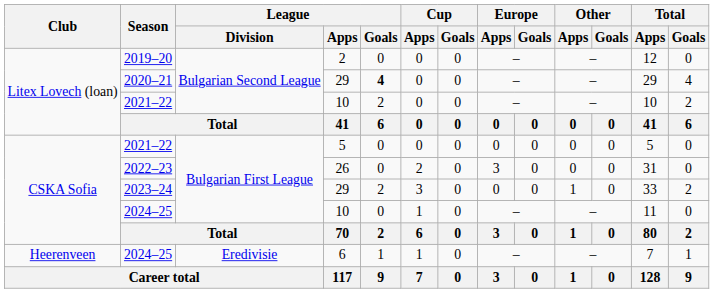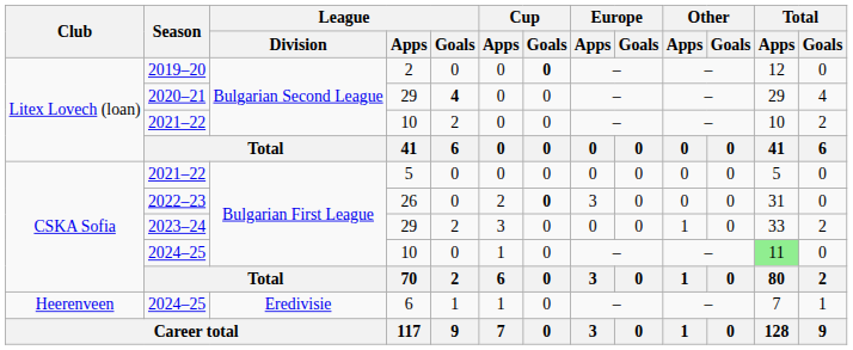 <table class="wikitable" style="text-align:center">
 <tr>
 <th rowspan="2">Club</th>
 <th rowspan="2">Season</th>
 <th colspan="3">League</th>
 <th colspan="2">Cup</th>
 <th colspan="2">Europe</th>
 <th colspan="2">Other</th>
 <th colspan="2">Total</th>
 </tr>
 <tr>
 <th>Division</th>
 <th width="15">Apps</th>
 <th width="15">Goals</th>
 <th width="15">Apps</th>
 <th width="15">Goals</th>
 <th width="15">Apps</th>
 <th width="15">Goals</th>
 <th width="15">Apps</th>
 <th width="15">Goals</th>
 <th width="15">Apps</th>
 <th width="15">Goals</th>
 </tr>
 <tr>
 <td rowspan="4"><a href='#'>Litex Lovech</a> (loan)</td>
 <td><a href='#'>2019–20</a></td>
 <td rowspan="3"><a href='#'>Bulgarian Second League</a></td>
 <td>2</td>
 <td>0</td>
 <td>0</td>
-<td>0</td>
+<td><strong>0</strong></td>
 <td colspan="2">–</td>
 <td colspan="2">–</td>
 <td>12</td>
 <td>0</td>
 </tr>
 <tr>
 <td><a href='#'>2020–21</a></td>
 <td>29</td>
 <td><strong>4</strong></td>
 <td>0</td>
 <td>0</td>
 <td colspan="2">–</td>
 <td colspan="2">–</td>
 <td>29</td>
 <td>4</td>
 </tr>
 <tr>
 <td><a href='#'>2021–22</a></td>
 <td>10</td>
 <td>2</td>
 <td>0</td>
 <td>0</td>
 <td colspan="2">–</td>
 <td colspan="2">–</td>
 <td>10</td>
 <td>2</td>
 </tr>
 <tr>
 <th colspan="2">Total</th>
 <th>41</th>
 <th>6</th>
 <th>0</th>
 <th>0</th>
 <th>0</th>
 <th>0</th>
 <th>0</th>
 <th>0</th>
 <th>41</th>
 <th>6</th>
 </tr>
 <tr>
 <td rowspan="5"><a href='#'>CSKA Sofia</a></td>
 <td><a href='#'>2021–22</a></td>
 <td rowspan="4"><a href='#'>Bulgarian First League</a></td>
 <td>5</td>
 <td>0</td>
 <td>0</td>
 <td>0</td>
 <td>0</td>
 <td>0</td>
 <td>0</td>
 <td>0</td>
 <td>5</td>
 <td>0</td>
 </tr>
 <tr>
 <td><a href='#'>2022–23</a></td>
 <td>26</td>
 <td>0</td>
 <td>2</td>
-<td>0</td>
+<td><strong>0</strong></td>
 <td>3</td>
 <td>0</td>
 <td>0</td>
 <td>0</td>
 <td>31</td>
 <td>0</td>
 </tr>
 <tr>
 <td><a href='#'>2023–24</a></td>
 <td>29</td>
 <td>2</td>
 <td>3</td>
 <td>0</td>
 <td>0</td>
 <td>0</td>
 <td>1</td>
 <td>0</td>
 <td>33</td>
 <td>2</td>
 </tr>
 <tr>
 <td><a href='#'>2024–25</a></td>
 <td>10</td>
 <td>0</td>
 <td>1</td>
 <td>0</td>
 <td colspan="2">–</td>
 <td colspan="2">–</td>
-<td>11</td>
+<td style="background: lightgreen;">11</td>
 <td>0</td>
 </tr>
 <tr>
 <th colspan="2">Total</th>
 <th>70</th>
 <th>2</th>
 <th>6</th>
 <th>0</th>
 <th>3</th>
 <th>0</th>
 <th>1</th>
 <th>0</th>
 <th>80</th>
 <th>2</th>
 </tr>
 <tr>
 <td><a href='#'>Heerenveen</a></td>
 <td><a href='#'>2024–25</a></td>
 <td><a href='#'>Eredivisie</a></td>
 <td>6</td>
 <td>1</td>
 <td>1</td>
 <td>0</td>
 <td colspan="2">–</td>
 <td colspan="2">–</td>
 <td>7</td>
 <td>1</td>
 </tr>
 <tr>
 <th colspan="3">Career total</th>
 <th>117</th>
 <th>9</th>
 <th>7</th>
 <th>0</th>
 <th>3</th>
 <th>0</th>
 <th>1</th>
 <th>0</th>
 <th>128</th>
 <th>9</th>
 </tr>
 </table>
